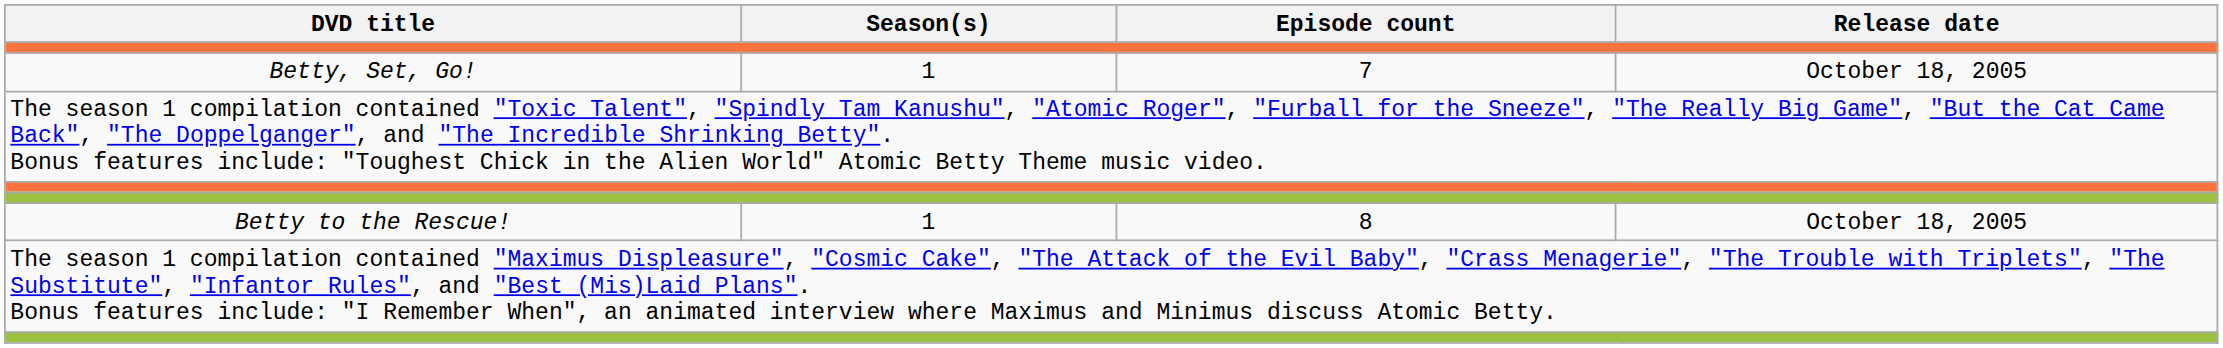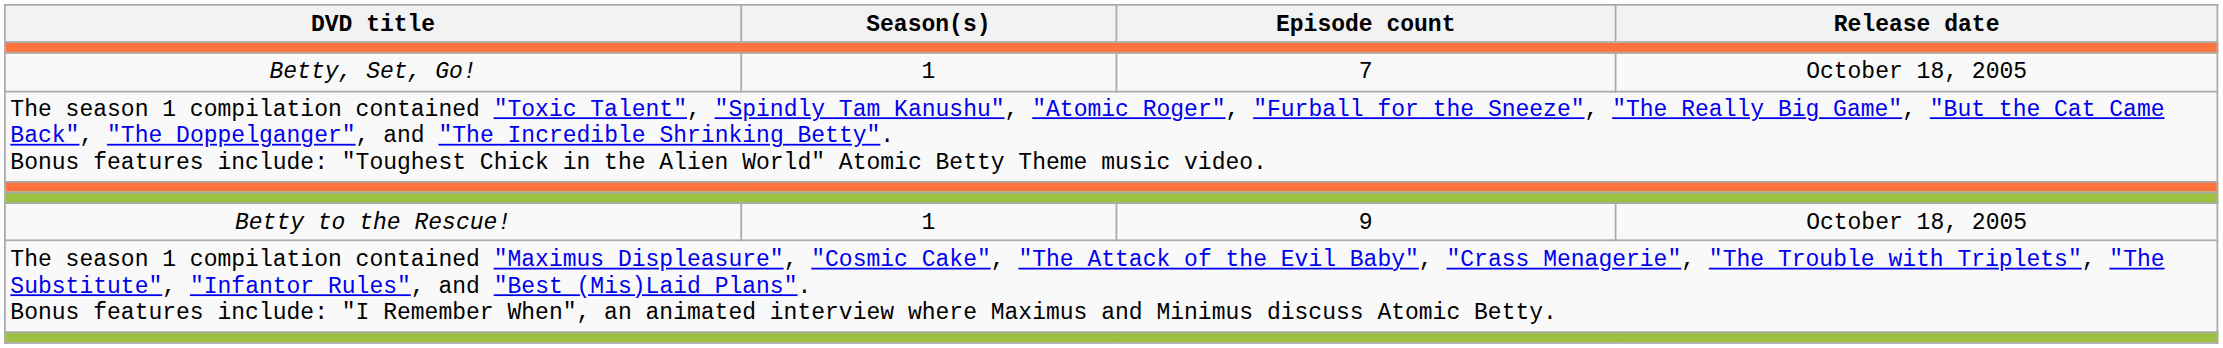 <table class="wikitable">
 <tr>
 <th>DVD title</th>
 <th>Season(s)</th>
 <th>Episode count</th>
 <th>Release date</th>
 </tr>
 <tr>
 <td colspan=4 style="background:#ff743e"></td>
 </tr>
 <tr>
 <td style="text-align: center"><em>Betty, Set, Go!</em></td>
 <td style="text-align: center">1</td>
 <td style="text-align: center">7</td>
 <td style="text-align: center">October 18, 2005</td>
 </tr>
 <tr>
 <td colspan=4>The season 1 compilation contained <a href='#'>"Toxic Talent"</a>, <a href='#'>"Spindly Tam Kanushu"</a>, <a href='#'>"Atomic Roger"</a>, <a href='#'>"Furball for the Sneeze"</a>, <a href='#'>"The Really Big Game"</a>, <a href='#'>"But the Cat Came Back"</a>, <a href='#'>"The Doppelganger"</a>, and <a href='#'>"The Incredible Shrinking Betty"</a>.<br>Bonus features include: "Toughest Chick in the Alien World" Atomic Betty Theme music video.</td>
 </tr>
 <tr>
 <td colspan=4 style="background:#ff743e"></td>
 </tr>
 <tr>
 <td colspan=4 style="background:#9cc03f"></td>
 </tr>
 <tr>
 <td style="text-align: center"><em>Betty to the Rescue!</em></td>
 <td style="text-align: center">1</td>
-<td style="text-align: center">8</td>
+<td style="text-align: center">9</td>
 <td style="text-align: center">October 18, 2005</td>
 </tr>
 <tr>
 <td colspan=4>The season 1 compilation contained <a href='#'>"Maximus Displeasure"</a>, <a href='#'>"Cosmic Cake"</a>, <a href='#'>"The Attack of the Evil Baby"</a>, <a href='#'>"Crass Menagerie"</a>, <a href='#'>"The Trouble with Triplets"</a>, <a href='#'>"The Substitute"</a>, <a href='#'>"Infantor Rules"</a>, and <a href='#'>"Best (Mis)Laid Plans"</a>.<br>Bonus features include: "I Remember When", an animated interview where Maximus and Minimus discuss Atomic Betty.</td>
 </tr>
 <tr>
 <td colspan=4 style="background:#9cc03f"></td>
 </tr>
 </table>
